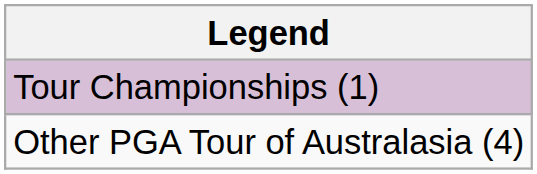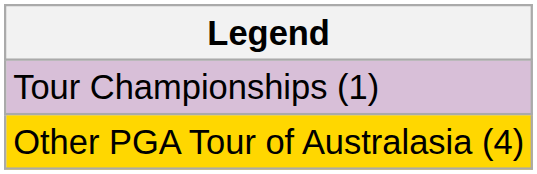 <table class="wikitable" style="font-size:95%;">
 <tr>
 <th>Legend</th>
 </tr>
 <tr style="background:thistle;">
 <td>Tour Championships (1)</td>
 </tr>
 <tr>
-<td>Other PGA Tour of Australasia (4)</td>
+<td style="background: gold;">Other PGA Tour of Australasia (4)</td>
 </tr>
 </table>
